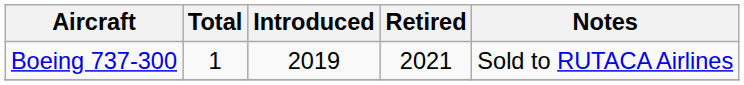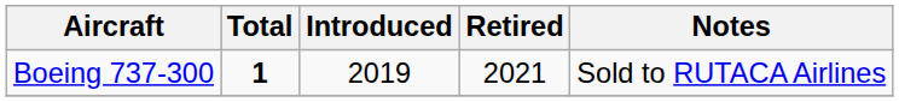 <table class="wikitable" style="margin:0.5em auto; text-align:center">
 <tr>
 <th>Aircraft</th>
 <th>Total</th>
 <th>Introduced</th>
 <th>Retired</th>
 <th>Notes</th>
 </tr>
 <tr>
 <td><a href='#'>Boeing 737-300</a></td>
-<td>1</td>
+<td><strong>1</strong></td>
 <td>2019</td>
 <td>2021</td>
 <td>Sold to <a href='#'>RUTACA Airlines</a></td>
 </tr>
 <tr>
 </tr>
 </table>
